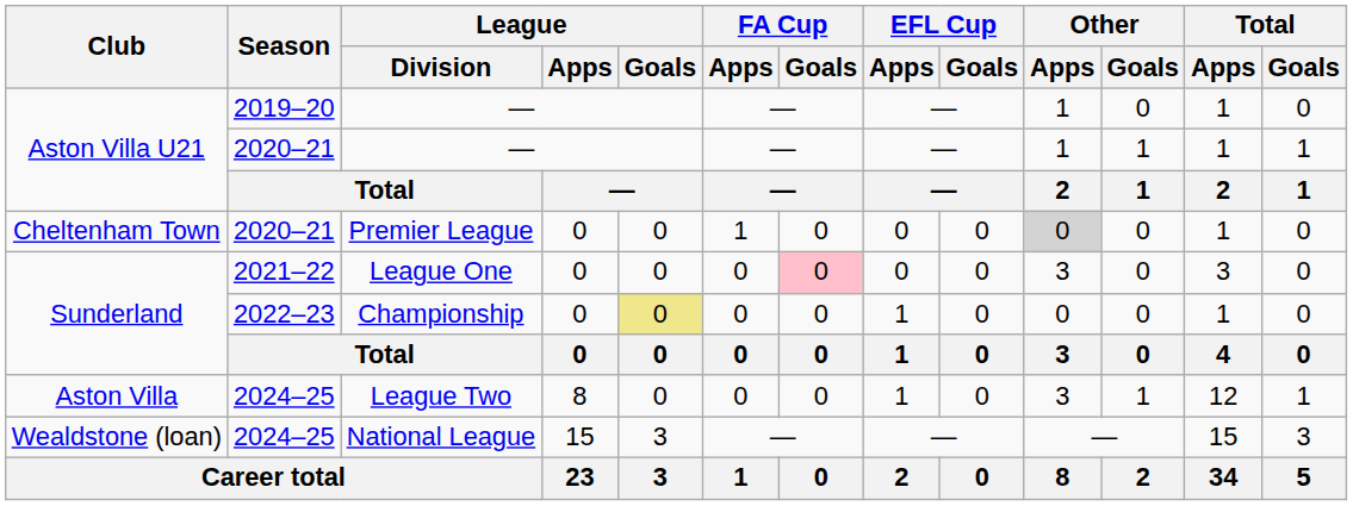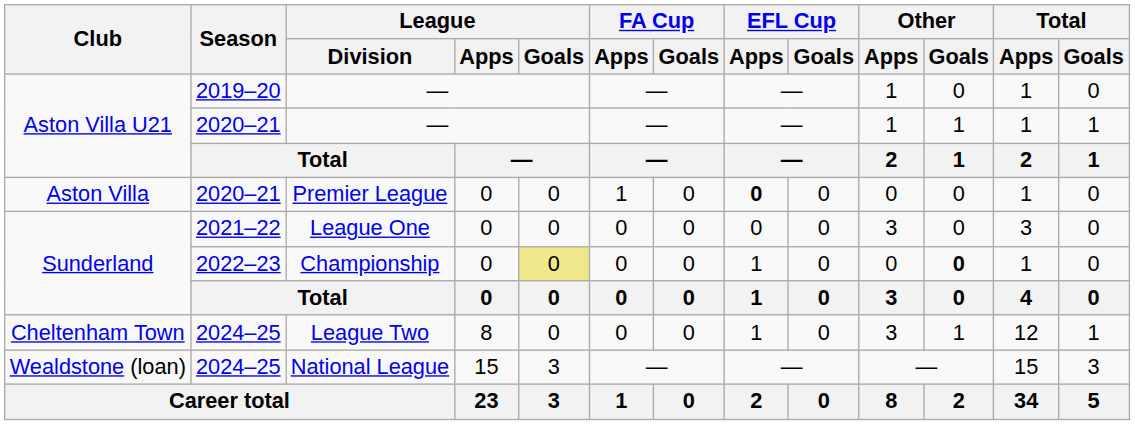 <table class=wikitable style="text-align: center">
 <tr>
 <th rowspan="2">Club</th>
 <th rowspan="2">Season</th>
 <th colspan="3">League</th>
 <th colspan="2"><a href='#'>FA Cup</a></th>
 <th colspan="2"><a href='#'>EFL Cup</a></th>
 <th colspan="2">Other</th>
 <th colspan="2">Total</th>
 </tr>
 <tr>
 <th>Division</th>
 <th>Apps</th>
 <th>Goals</th>
 <th>Apps</th>
 <th>Goals</th>
 <th>Apps</th>
 <th>Goals</th>
 <th>Apps</th>
 <th>Goals</th>
 <th>Apps</th>
 <th>Goals</th>
 </tr>
 <tr>
 <td rowspan="3"><a href='#'>Aston Villa U21</a></td>
 <td><a href='#'>2019–20</a></td>
 <td colspan="3">—</td>
 <td colspan="2">—</td>
 <td colspan="2">—</td>
 <td>1</td>
 <td>0</td>
 <td>1</td>
 <td>0</td>
 </tr>
 <tr>
 <td><a href='#'>2020–21</a></td>
 <td colspan="3">—</td>
 <td colspan="2">—</td>
 <td colspan="2">—</td>
 <td>1</td>
 <td>1</td>
 <td>1</td>
 <td>1</td>
 </tr>
 <tr>
 <th colspan="2">Total</th>
 <th colspan="2">—</th>
 <th colspan="2">—</th>
 <th colspan="2">—</th>
 <th>2</th>
 <th>1</th>
 <th>2</th>
 <th>1</th>
 </tr>
 <tr>
-<td><a href='#'>Cheltenham Town</a></td>
+<td><a href='#'>Aston Villa</a></td>
 <td><a href='#'>2020–21</a></td>
 <td><a href='#'>Premier League</a></td>
 <td>0</td>
 <td>0</td>
 <td>1</td>
 <td>0</td>
+<td><strong>0</strong></td>
 <td>0</td>
 <td>0</td>
-<td style="background: lightgrey;">0</td>
 <td>0</td>
 <td>1</td>
 <td>0</td>
 </tr>
 <tr>
 <td rowspan="3"><a href='#'>Sunderland</a></td>
 <td><a href='#'>2021–22</a></td>
 <td><a href='#'>League One</a></td>
 <td>0</td>
 <td>0</td>
 <td>0</td>
-<td style="background: pink;">0</td>
+<td>0</td>
 <td>0</td>
 <td>0</td>
 <td>3</td>
 <td>0</td>
 <td>3</td>
 <td>0</td>
 </tr>
 <tr>
 <td><a href='#'>2022–23</a></td>
 <td><a href='#'>Championship</a></td>
 <td>0</td>
 <td style="background: khaki;">0</td>
 <td>0</td>
 <td>0</td>
 <td>1</td>
 <td>0</td>
 <td>0</td>
-<td>0</td>
+<td><strong>0</strong></td>
 <td>1</td>
 <td>0</td>
 </tr>
 <tr>
 <th colspan="2">Total</th>
 <th>0</th>
 <th>0</th>
 <th>0</th>
 <th>0</th>
 <th>1</th>
 <th>0</th>
 <th>3</th>
 <th>0</th>
 <th>4</th>
 <th>0</th>
 </tr>
 <tr>
-<td><a href='#'>Aston Villa</a></td>
+<td><a href='#'>Cheltenham Town</a></td>
 <td><a href='#'>2024–25</a></td>
 <td><a href='#'>League Two</a></td>
 <td>8</td>
 <td>0</td>
 <td>0</td>
 <td>0</td>
 <td>1</td>
 <td>0</td>
 <td>3</td>
 <td>1</td>
 <td>12</td>
 <td>1</td>
 </tr>
 <tr>
 <td><a href='#'>Wealdstone</a> (loan)</td>
 <td><a href='#'>2024–25</a></td>
 <td><a href='#'>National League</a></td>
 <td>15</td>
 <td>3</td>
 <td colspan="2">—</td>
 <td colspan="2">—</td>
 <td colspan="2">—</td>
 <td>15</td>
 <td>3</td>
 </tr>
 <tr>
 <th colspan="3">Career total</th>
 <th>23</th>
 <th>3</th>
 <th>1</th>
 <th>0</th>
 <th>2</th>
 <th>0</th>
 <th>8</th>
 <th>2</th>
 <th>34</th>
 <th>5</th>
 </tr>
 </table>
